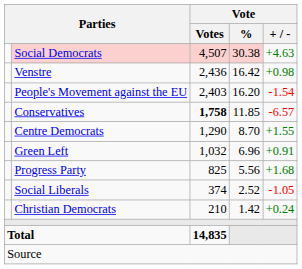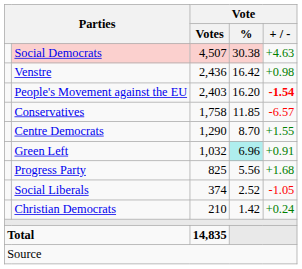 <table class="wikitable" style="text-align:right;">
 <tr>
 <th style="text-align:centre;" rowspan="2" colspan="2" width="225">Parties</th>
 <th colspan="3">Vote</th>
 </tr>
 <tr>
 <th width="15">Votes</th>
 <th width="15">%</th>
 <th width="15">+ / -</th>
 </tr>
 <tr>
 <td width="2" style="color:inherit;background:"></td>
 <td bgcolor=#fbd0ce   align="left"><a href='#'>Social Democrats</a></td>
 <td bgcolor=#fbd0ce>4,507</td>
 <td bgcolor=#fbd0ce>30.38</td>
 <td style=color:green;>+4.63</td>
 </tr>
 <tr>
 <td width="2" style="color:inherit;background:"></td>
 <td align="left"><a href='#'>Venstre</a></td>
 <td>2,436</td>
 <td>16.42</td>
 <td style=color:green;>+0.98</td>
 </tr>
 <tr>
 <td width="2" style="color:inherit;background:"></td>
 <td align="left"><a href='#'>People's Movement against the EU</a></td>
 <td>2,403</td>
 <td>16.20</td>
-<td style=color:red;>-1.54</td>
+<td style=color:red;><strong>-1.54</strong></td>
 </tr>
 <tr>
 <td width="2" style="color:inherit;background:"></td>
 <td align="left"><a href='#'>Conservatives</a></td>
-<td><strong>1,758</strong></td>
+<td>1,758</td>
 <td>11.85</td>
 <td style=color:red;>-6.57</td>
 </tr>
 <tr>
 <td width="2" style="color:inherit;background:"></td>
 <td align="left"><a href='#'>Centre Democrats</a></td>
 <td>1,290</td>
 <td>8.70</td>
 <td style=color:green;>+1.55</td>
 </tr>
 <tr>
 <td width="2" style="color:inherit;background:"></td>
 <td align="left"><a href='#'>Green Left</a></td>
 <td>1,032</td>
-<td>6.96</td>
+<td style="background: paleturquoise;">6.96</td>
 <td style=color:green;>+0.91</td>
 </tr>
 <tr>
 <td width="2" style="color:inherit;background:"></td>
 <td align="left"><a href='#'>Progress Party</a></td>
 <td>825</td>
 <td>5.56</td>
 <td style=color:green;>+1.68</td>
 </tr>
 <tr>
 <td width="2" style="color:inherit;background:"></td>
 <td align="left"><a href='#'>Social Liberals</a></td>
 <td>374</td>
 <td>2.52</td>
 <td style=color:red;>-1.05</td>
 </tr>
 <tr>
 <td width="2" style="color:inherit;background:"></td>
 <td align="left"><a href='#'>Christian Democrats</a></td>
 <td>210</td>
 <td>1.42</td>
 <td style=color:green;>+0.24</td>
 </tr>
 <tr>
 <td colspan="7" bgcolor="#E9E9E9"></td>
 </tr>
 <tr>
 <td align="left" colspan="2"><strong>Total</strong></td>
 <td><strong>14,835</strong></td>
 <td bgcolor="#E9E9E9" colspan="2"></td>
 </tr>
 <tr>
 <td align="left" colspan="6">Source</td>
 </tr>
 </table>
